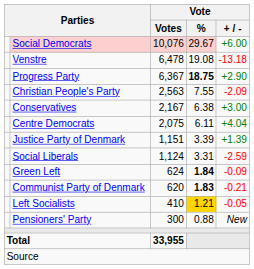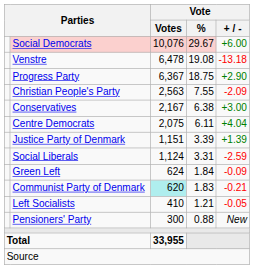 <table class="wikitable" style="text-align:right;">
 <tr>
 <th style="text-align:centre;" rowspan="2" colspan="2" width="225">Parties</th>
 <th colspan="3">Vote</th>
 </tr>
 <tr>
 <th width="15">Votes</th>
 <th width="15">%</th>
 <th width="15">+ / -</th>
 </tr>
 <tr>
 <td width="2" style="color:inherit;background:"></td>
 <td bgcolor=#fbd0ce  align="left"><a href='#'>Social Democrats</a></td>
 <td bgcolor=#fbd0ce>10,076</td>
 <td bgcolor=#fbd0ce>29.67</td>
 <td style=color:green;>+6.00</td>
 </tr>
 <tr>
 <td width="2" style="color:inherit;background:"></td>
 <td align="left"><a href='#'>Venstre</a></td>
 <td>6,478</td>
 <td>19.08</td>
 <td style=color:red;>-13.18</td>
 </tr>
 <tr>
 <td width="2" style="color:inherit;background:"></td>
 <td align="left"><a href='#'>Progress Party</a></td>
 <td>6,367</td>
-<td><strong>18.75</strong></td>
+<td>18.75</td>
 <td style=color:green;>+2.90</td>
 </tr>
 <tr>
 <td width="2" style="color:inherit;background:"></td>
 <td align="left"><a href='#'>Christian People's Party</a></td>
 <td>2,563</td>
 <td>7.55</td>
 <td style=color:red;>-2.09</td>
 </tr>
 <tr>
 <td width="2" style="color:inherit;background:"></td>
 <td align="left"><a href='#'>Conservatives</a></td>
 <td>2,167</td>
 <td>6.38</td>
 <td style=color:green;>+3.00</td>
 </tr>
 <tr>
 <td width="2" style="color:inherit;background:"></td>
 <td align="left"><a href='#'>Centre Democrats</a></td>
 <td>2,075</td>
 <td>6.11</td>
 <td style=color:green;>+4.04</td>
 </tr>
 <tr>
 <td width="2" style="color:inherit;background:"></td>
 <td align="left"><a href='#'>Justice Party of Denmark</a></td>
 <td>1,151</td>
 <td>3.39</td>
 <td style=color:green;>+1.39</td>
 </tr>
 <tr>
 <td width="2" style="color:inherit;background:"></td>
 <td align="left"><a href='#'>Social Liberals</a></td>
 <td>1,124</td>
 <td>3.31</td>
 <td style=color:red;>-2.59</td>
 </tr>
 <tr>
 <td width="2" style="color:inherit;background:"></td>
 <td align="left"><a href='#'>Green Left</a></td>
 <td>624</td>
-<td><strong>1.84</strong></td>
+<td>1.84</td>
 <td style=color:red;>-0.09</td>
 </tr>
 <tr>
 <td width="2" style="color:inherit;background:"></td>
 <td align="left"><a href='#'>Communist Party of Denmark</a></td>
-<td>620</td>
-<td><strong>1.83</strong></td>
+<td style="background: paleturquoise;">620</td>
+<td>1.83</td>
 <td style=color:red;>-0.21</td>
 </tr>
 <tr>
 <td width="2" style="color:inherit;background:"></td>
 <td align="left"><a href='#'>Left Socialists</a></td>
 <td>410</td>
-<td style="background: gold;">1.21</td>
+<td>1.21</td>
 <td style=color:red;>-0.05</td>
 </tr>
 <tr>
 <td width="2" style="color:inherit;background:"></td>
 <td align="left"><a href='#'>Pensioners' Party</a></td>
 <td>300</td>
 <td>0.88</td>
 <td><em>New</em></td>
 </tr>
 <tr>
 <td colspan="7" bgcolor="#E9E9E9"></td>
 </tr>
 <tr>
 <td align="left" colspan="2"><strong>Total</strong></td>
 <td><strong>33,955</strong></td>
 <td bgcolor="#E9E9E9" colspan="2"></td>
 </tr>
 <tr>
 <td align="left" colspan="6">Source</td>
 </tr>
 </table>
